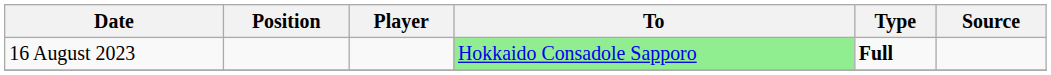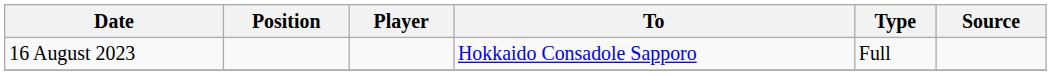 <table class="wikitable sortable" style="width:90%; text-align:center; font-size:95%; text-align:left;">
 <tr>
 <th>Date</th>
 <th>Position</th>
 <th>Player</th>
 <th>To</th>
 <th>Type</th>
 <th>Source</th>
 </tr>
 <tr>
 <td>16 August 2023</td>
 <td></td>
 <td></td>
-<td style="background: lightgreen;"> <a href='#'>Hokkaido Consadole Sapporo</a></td>
-<td><strong>Full</strong></td>
+<td> <a href='#'>Hokkaido Consadole Sapporo</a></td>
+<td>Full</td>
 <td></td>
 </tr>
 <tr>
 </tr>
 </table>
